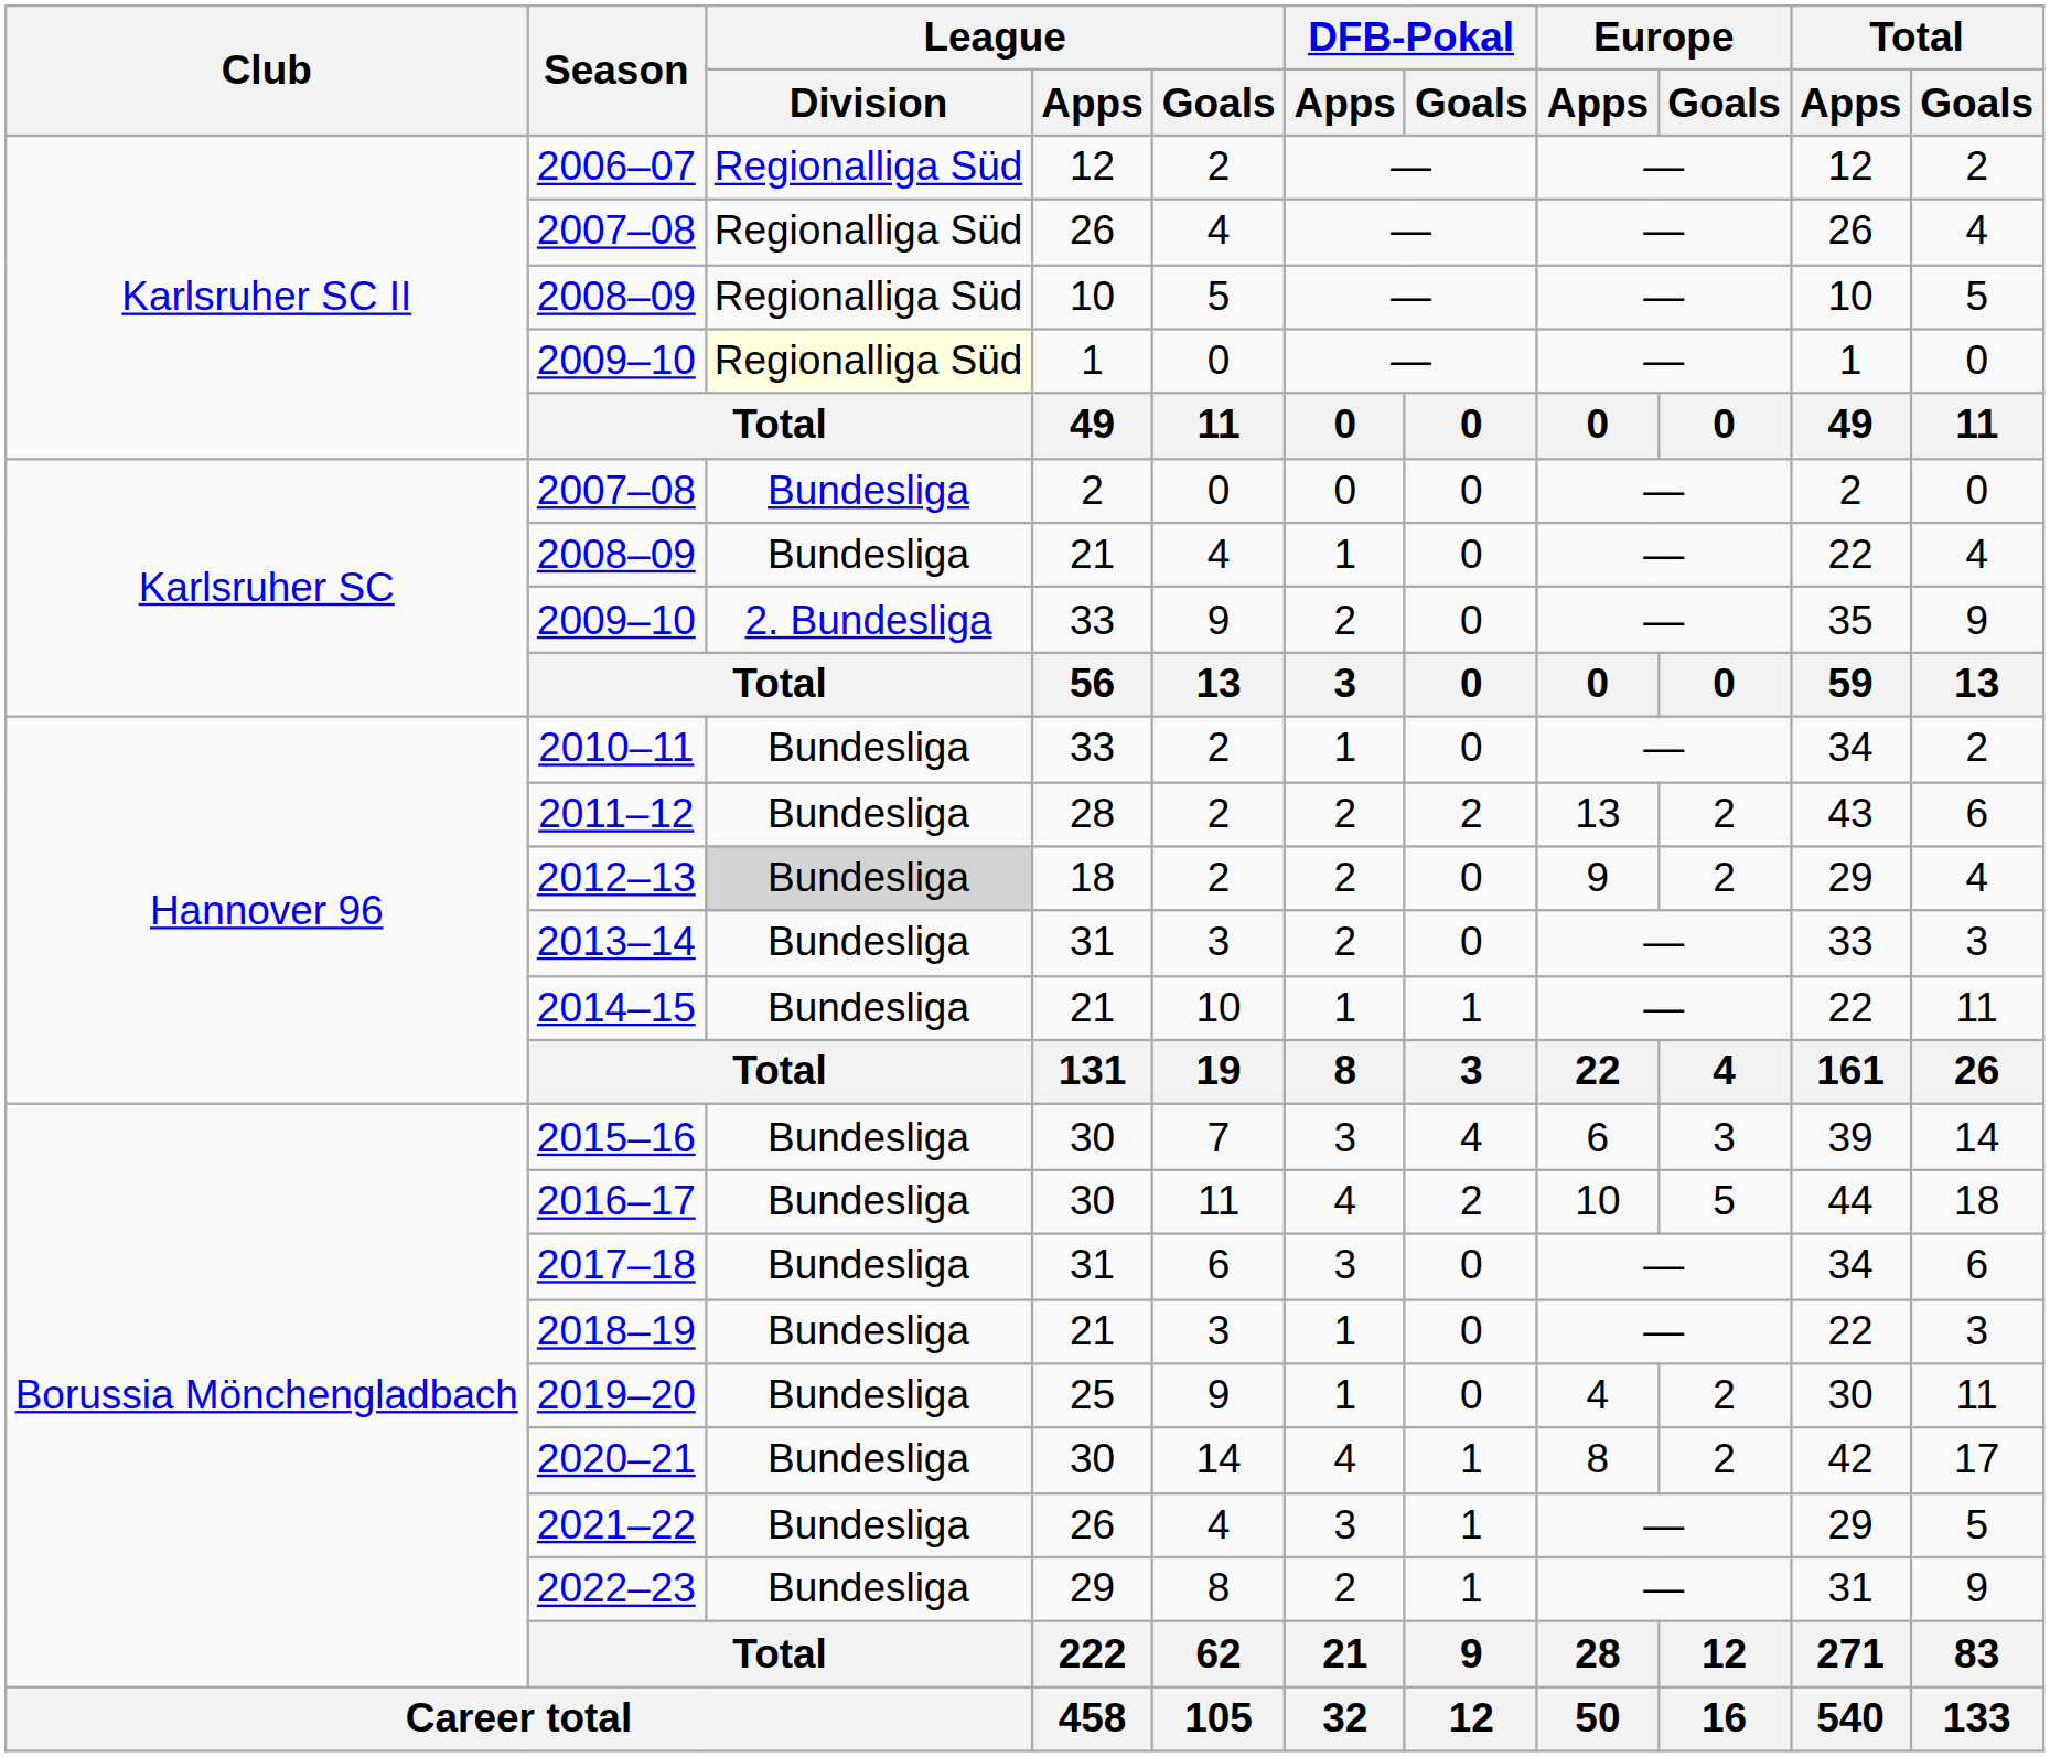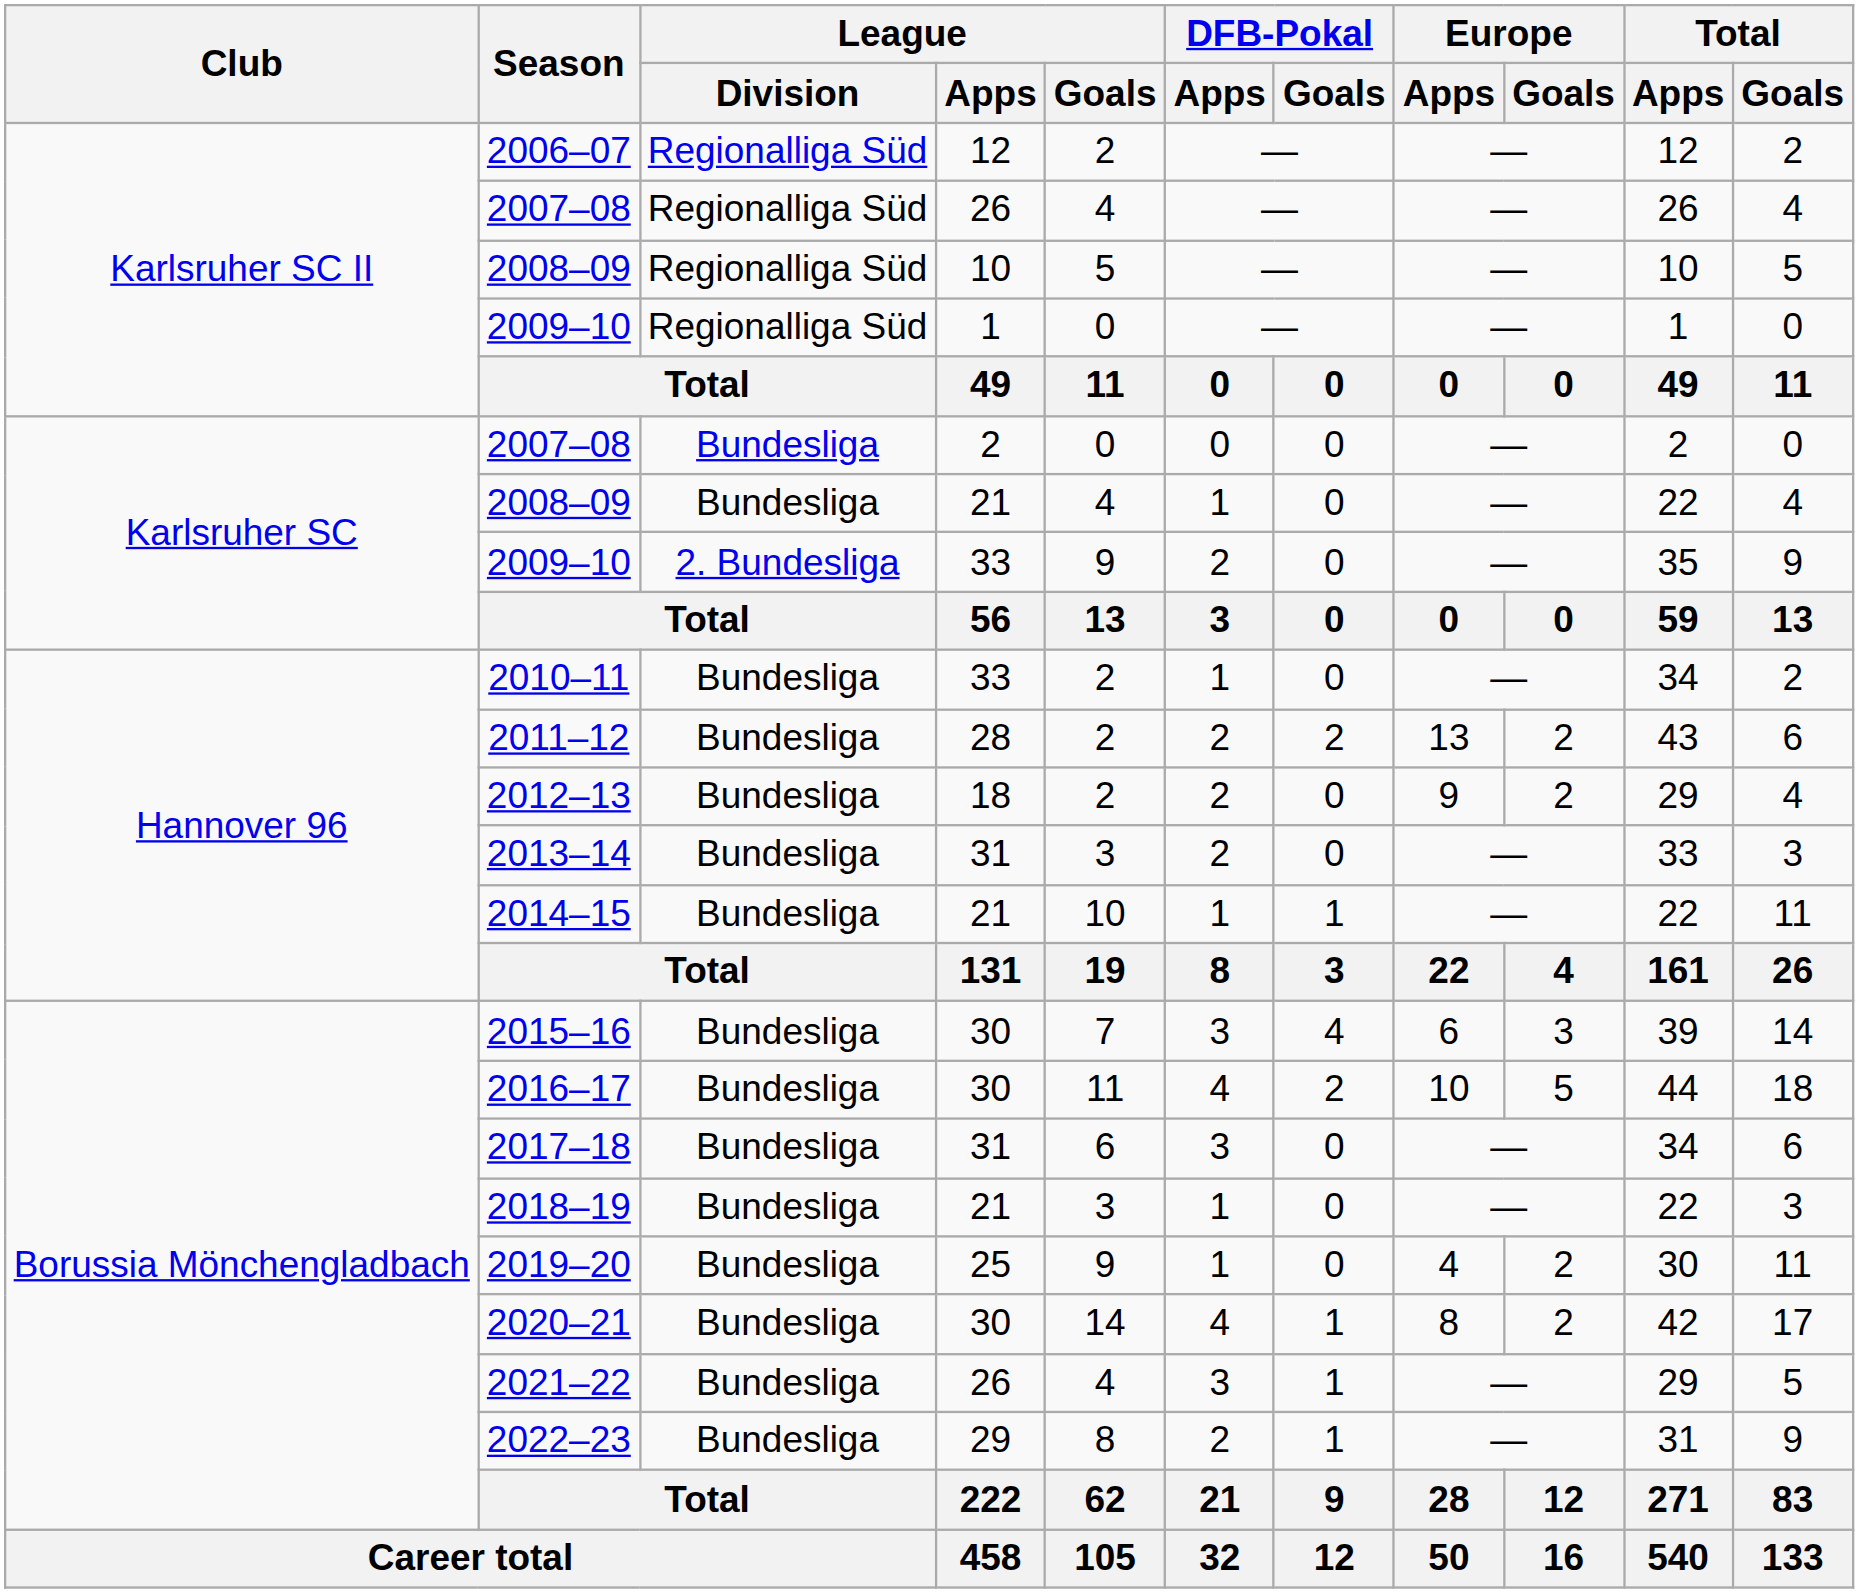 <table class="wikitable" style="text-align:center">
 <tr>
 <th rowspan="2">Club</th>
 <th rowspan="2">Season</th>
 <th colspan="3">League</th>
 <th colspan="2"><a href='#'>DFB-Pokal</a></th>
 <th colspan="2">Europe</th>
 <th colspan="2">Total</th>
 </tr>
 <tr>
 <th>Division</th>
 <th>Apps</th>
 <th>Goals</th>
 <th>Apps</th>
 <th>Goals</th>
 <th>Apps</th>
 <th>Goals</th>
 <th>Apps</th>
 <th>Goals</th>
 </tr>
 <tr>
 <td rowspan="5"><a href='#'>Karlsruher SC II</a></td>
 <td><a href='#'>2006–07</a></td>
 <td><a href='#'>Regionalliga Süd</a></td>
 <td>12</td>
 <td>2</td>
 <td colspan="2">—</td>
 <td colspan="2">—</td>
 <td>12</td>
 <td>2</td>
 </tr>
 <tr>
 <td><a href='#'>2007–08</a></td>
 <td>Regionalliga Süd</td>
 <td>26</td>
 <td>4</td>
 <td colspan="2">—</td>
 <td colspan="2">—</td>
 <td>26</td>
 <td>4</td>
 </tr>
 <tr>
 <td><a href='#'>2008–09</a></td>
 <td>Regionalliga Süd</td>
 <td>10</td>
 <td>5</td>
 <td colspan="2">—</td>
 <td colspan="2">—</td>
 <td>10</td>
 <td>5</td>
 </tr>
 <tr>
 <td><a href='#'>2009–10</a></td>
-<td style="background: lightyellow;">Regionalliga Süd</td>
+<td>Regionalliga Süd</td>
 <td>1</td>
 <td>0</td>
 <td colspan="2">—</td>
 <td colspan="2">—</td>
 <td>1</td>
 <td>0</td>
 </tr>
 <tr>
 <th colspan="2">Total</th>
 <th>49</th>
 <th>11</th>
 <th>0</th>
 <th>0</th>
 <th>0</th>
 <th>0</th>
 <th>49</th>
 <th>11</th>
 </tr>
 <tr>
 <td rowspan="4"><a href='#'>Karlsruher SC</a></td>
 <td><a href='#'>2007–08</a></td>
 <td><a href='#'>Bundesliga</a></td>
 <td>2</td>
 <td>0</td>
 <td>0</td>
 <td>0</td>
 <td colspan="2">—</td>
 <td>2</td>
 <td>0</td>
 </tr>
 <tr>
 <td><a href='#'>2008–09</a></td>
 <td>Bundesliga</td>
 <td>21</td>
 <td>4</td>
 <td>1</td>
 <td>0</td>
 <td colspan="2">—</td>
 <td>22</td>
 <td>4</td>
 </tr>
 <tr>
 <td><a href='#'>2009–10</a></td>
 <td><a href='#'>2. Bundesliga</a></td>
 <td>33</td>
 <td>9</td>
 <td>2</td>
 <td>0</td>
 <td colspan="2">—</td>
 <td>35</td>
 <td>9</td>
 </tr>
 <tr>
 <th colspan="2">Total</th>
 <th>56</th>
 <th>13</th>
 <th>3</th>
 <th>0</th>
 <th>0</th>
 <th>0</th>
 <th>59</th>
 <th>13</th>
 </tr>
 <tr>
 <td rowspan="6"><a href='#'>Hannover 96</a></td>
 <td><a href='#'>2010–11</a></td>
 <td>Bundesliga</td>
 <td>33</td>
 <td>2</td>
 <td>1</td>
 <td>0</td>
 <td colspan="2">—</td>
 <td>34</td>
 <td>2</td>
 </tr>
 <tr>
 <td><a href='#'>2011–12</a></td>
 <td>Bundesliga</td>
 <td>28</td>
 <td>2</td>
 <td>2</td>
 <td>2</td>
 <td>13</td>
 <td>2</td>
 <td>43</td>
 <td>6</td>
 </tr>
 <tr>
 <td><a href='#'>2012–13</a></td>
-<td style="background: lightgrey;">Bundesliga</td>
+<td>Bundesliga</td>
 <td>18</td>
 <td>2</td>
 <td>2</td>
 <td>0</td>
 <td>9</td>
 <td>2</td>
 <td>29</td>
 <td>4</td>
 </tr>
 <tr>
 <td><a href='#'>2013–14</a></td>
 <td>Bundesliga</td>
 <td>31</td>
 <td>3</td>
 <td>2</td>
 <td>0</td>
 <td colspan="2">—</td>
 <td>33</td>
 <td>3</td>
 </tr>
 <tr>
 <td><a href='#'>2014–15</a></td>
 <td>Bundesliga</td>
 <td>21</td>
 <td>10</td>
 <td>1</td>
 <td>1</td>
 <td colspan="2">—</td>
 <td>22</td>
 <td>11</td>
 </tr>
 <tr>
 <th colspan="2">Total</th>
 <th>131</th>
 <th>19</th>
 <th>8</th>
 <th>3</th>
 <th>22</th>
 <th>4</th>
 <th>161</th>
 <th>26</th>
 </tr>
 <tr>
 <td rowspan="9"><a href='#'>Borussia Mönchengladbach</a></td>
 <td><a href='#'>2015–16</a></td>
 <td>Bundesliga</td>
 <td>30</td>
 <td>7</td>
 <td>3</td>
 <td>4</td>
 <td>6</td>
 <td>3</td>
 <td>39</td>
 <td>14</td>
 </tr>
 <tr>
 <td><a href='#'>2016–17</a></td>
 <td>Bundesliga</td>
 <td>30</td>
 <td>11</td>
 <td>4</td>
 <td>2</td>
 <td>10</td>
 <td>5</td>
 <td>44</td>
 <td>18</td>
 </tr>
 <tr>
 <td><a href='#'>2017–18</a></td>
 <td>Bundesliga</td>
 <td>31</td>
 <td>6</td>
 <td>3</td>
 <td>0</td>
 <td colspan="2">—</td>
 <td>34</td>
 <td>6</td>
 </tr>
 <tr>
 <td><a href='#'>2018–19</a></td>
 <td>Bundesliga</td>
 <td>21</td>
 <td>3</td>
 <td>1</td>
 <td>0</td>
 <td colspan="2">—</td>
 <td>22</td>
 <td>3</td>
 </tr>
 <tr>
 <td><a href='#'>2019–20</a></td>
 <td>Bundesliga</td>
 <td>25</td>
 <td>9</td>
 <td>1</td>
 <td>0</td>
 <td>4</td>
 <td>2</td>
 <td>30</td>
 <td>11</td>
 </tr>
 <tr>
 <td><a href='#'>2020–21</a></td>
 <td>Bundesliga</td>
 <td>30</td>
 <td>14</td>
 <td>4</td>
 <td>1</td>
 <td>8</td>
 <td>2</td>
 <td>42</td>
 <td>17</td>
 </tr>
 <tr>
 <td><a href='#'>2021–22</a></td>
 <td>Bundesliga</td>
 <td>26</td>
 <td>4</td>
 <td>3</td>
 <td>1</td>
 <td colspan="2">—</td>
 <td>29</td>
 <td>5</td>
 </tr>
 <tr>
 <td><a href='#'>2022–23</a></td>
 <td>Bundesliga</td>
 <td>29</td>
 <td>8</td>
 <td>2</td>
 <td>1</td>
 <td colspan="2">—</td>
 <td>31</td>
 <td>9</td>
 </tr>
 <tr>
 <th colspan="2">Total</th>
 <th>222</th>
 <th>62</th>
 <th>21</th>
 <th>9</th>
 <th>28</th>
 <th>12</th>
 <th>271</th>
 <th>83</th>
 </tr>
 <tr>
 <th colspan="3">Career total</th>
 <th>458</th>
 <th>105</th>
 <th>32</th>
 <th>12</th>
 <th>50</th>
 <th>16</th>
 <th>540</th>
 <th>133</th>
 </tr>
 </table>
